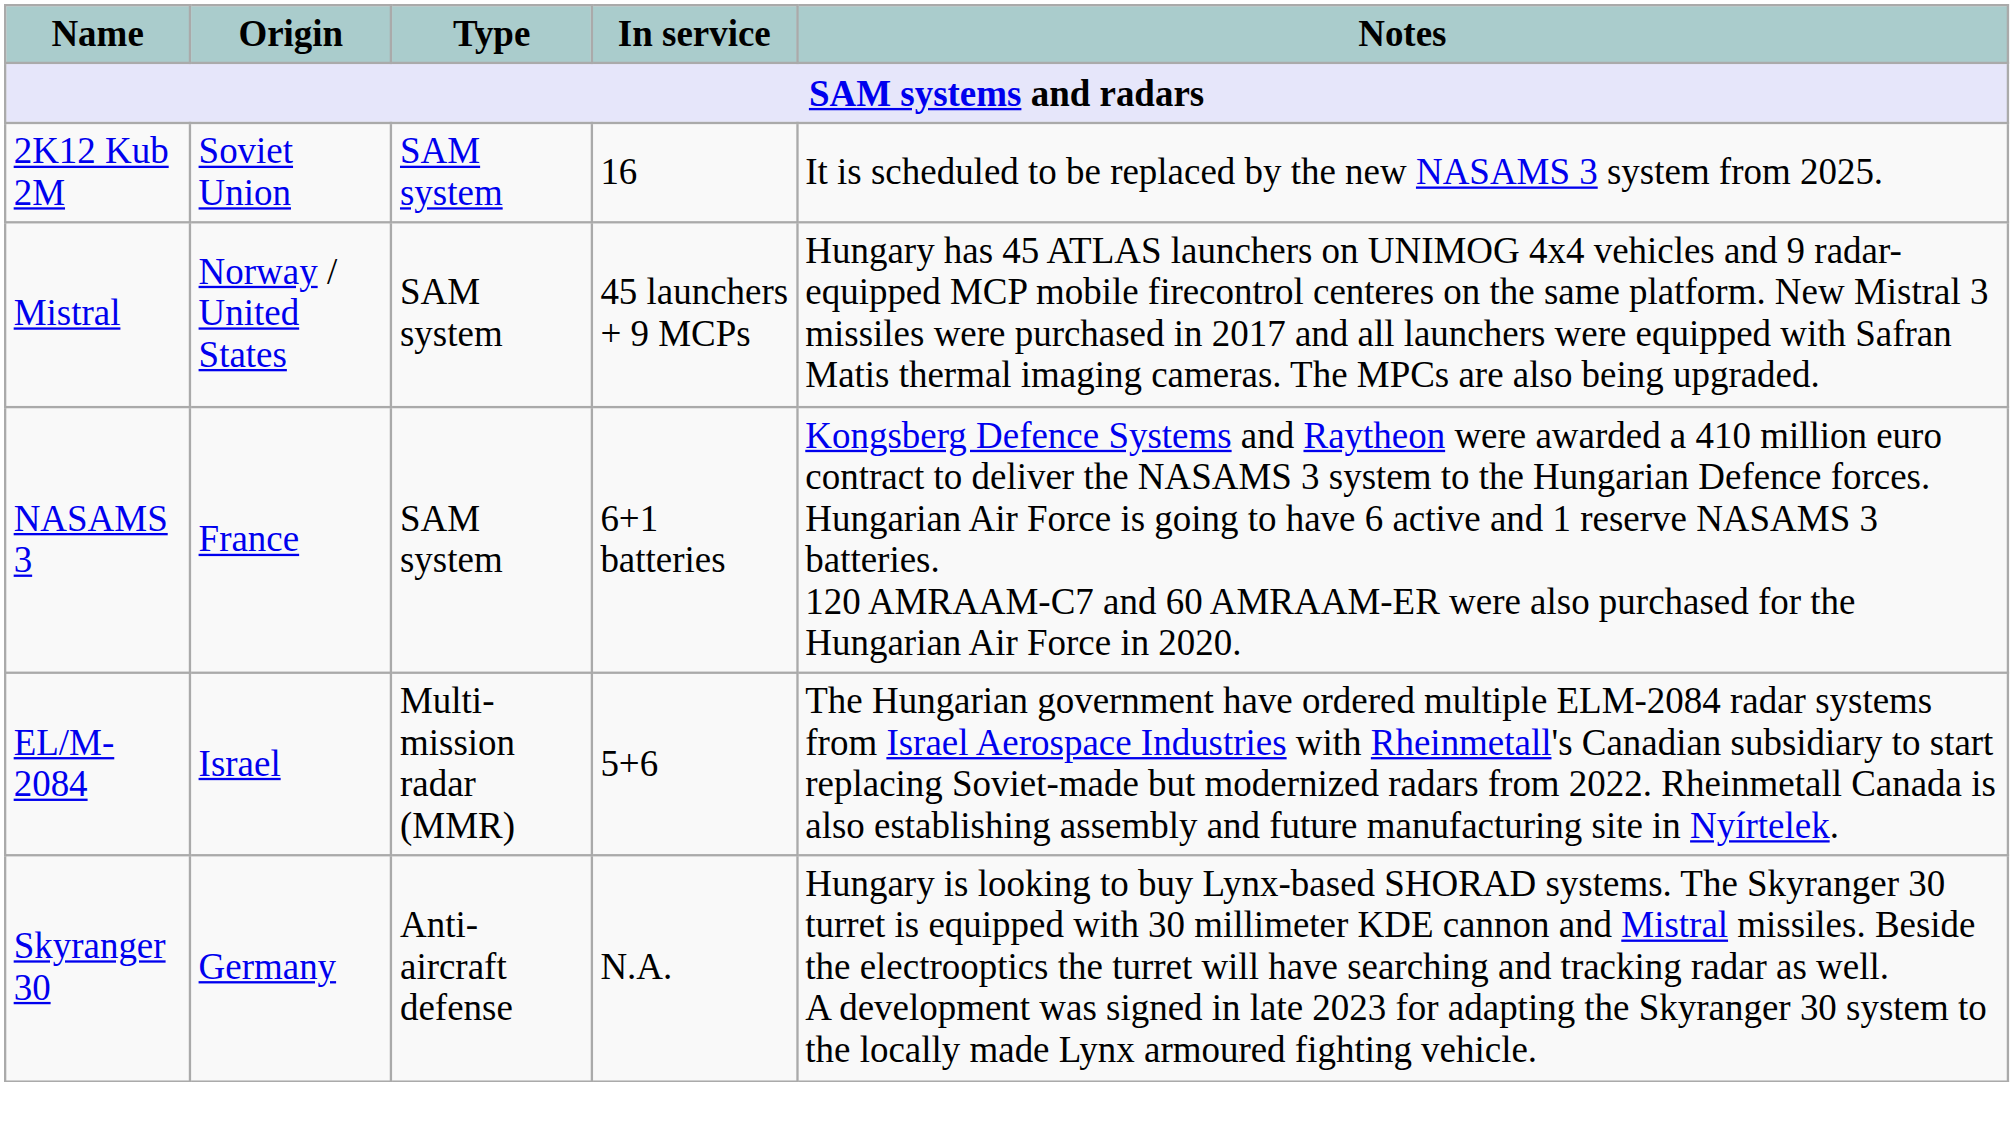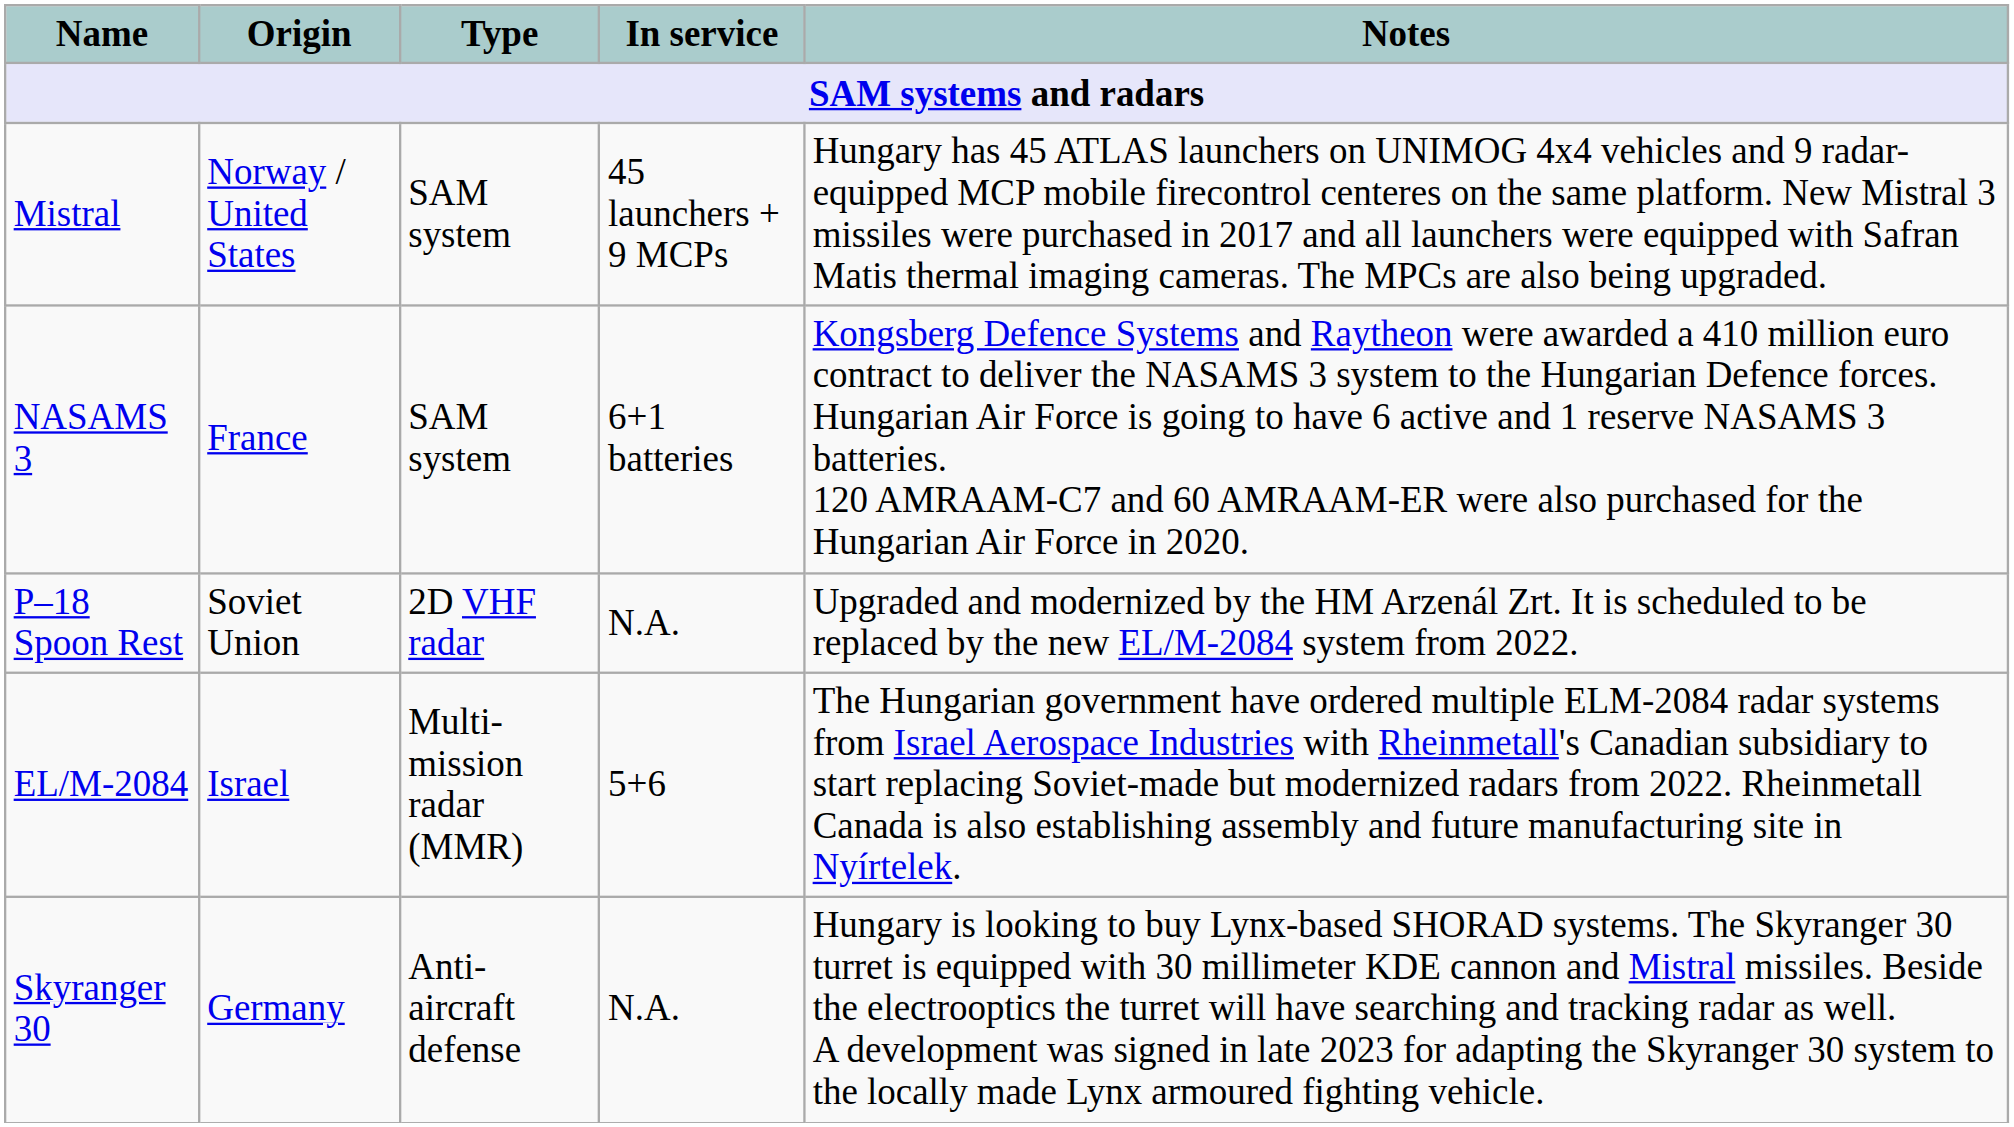 <table class="wikitable">
 <tr>
 <th style="text-align:center; background:#acc;">Name</th>
 <th style="text-align: center; background:#acc;">Origin</th>
 <th style="text-align:l center; background:#acc;">Type</th>
 <th style="text-align:l center; background:#acc;">In service</th>
 <th style="text-align: center; background:#acc;">Notes</th>
 </tr>
 <tr>
 <th colspan="5" style="align: center; background: lavender;"><a href='#'>SAM systems</a> and radars</th>
-</tr>
-<tr>
-<td><a href='#'>2K12 Kub 2M</a></td>
-<td><a href='#'>Soviet Union</a></td>
-<td><a href='#'>SAM system</a></td>
-<td>16</td>
-<td>It is scheduled to be replaced by the new <a href='#'>NASAMS 3</a> system from 2025.</td>
 </tr>
 <tr>
 <td><a href='#'>Mistral</a></td>
 <td><a href='#'>Norway</a> / <a href='#'>United States</a></td>
 <td>SAM system</td>
 <td>45 launchers + 9 MCPs</td>
 <td>Hungary has 45 ATLAS launchers on UNIMOG 4x4 vehicles and 9 radar-equipped MCP mobile firecontrol centeres on the same platform. New Mistral 3 missiles were purchased in 2017 and all launchers were equipped with Safran Matis thermal imaging cameras. The MPCs are also being upgraded.</td>
 </tr>
 <tr>
 <td><a href='#'>NASAMS 3</a></td>
 <td><a href='#'>France</a></td>
 <td>SAM system</td>
 <td>6+1 batteries</td>
 <td><a href='#'>Kongsberg Defence Systems</a> and <a href='#'>Raytheon</a> were awarded a 410 million euro contract to deliver the NASAMS 3 system to the Hungarian Defence forces. Hungarian Air Force is going to have 6 active and 1 reserve NASAMS 3 batteries.<br>120 AMRAAM-C7 and 60 AMRAAM-ER were also purchased for the Hungarian Air Force in 2020.</td>
 </tr>
 <tr>
+<td><a href='#'>P–18 Spoon Rest</a></td>
+<td>Soviet Union</td>
+<td>2D <a href='#'>VHF</a> <a href='#'>radar</a></td>
+<td>N.A.</td>
+<td>Upgraded and modernized by the HM Arzenál Zrt. It is scheduled to be replaced by the new <a href='#'>EL/M-2084</a> system from 2022.</td>
+</tr>
+<tr>
 <td><a href='#'>EL/M-2084</a></td>
 <td><a href='#'>Israel</a></td>
 <td>Multi-mission radar (MMR)</td>
 <td>5+6</td>
 <td>The Hungarian government have ordered multiple ELM-2084 radar systems from <a href='#'>Israel Aerospace Industries</a> with <a href='#'>Rheinmetall</a>'s Canadian subsidiary to start replacing Soviet-made but modernized radars from 2022. Rheinmetall Canada is also establishing assembly and future manufacturing site in <a href='#'>Nyírtelek</a>.</td>
 </tr>
 <tr>
 <td><a href='#'>Skyranger 30</a></td>
 <td><a href='#'>Germany</a></td>
 <td>Anti-aircraft defense</td>
 <td>N.A.</td>
 <td>Hungary is looking to buy Lynx-based SHORAD systems. The Skyranger 30 turret is equipped with 30 millimeter KDE cannon and <a href='#'>Mistral</a> missiles. Beside the electrooptics the turret will have searching and tracking radar as well.<br> A development was signed in late 2023 for adapting the Skyranger 30 system to the locally made Lynx armoured fighting vehicle.</td>
 </tr>
 </table>
